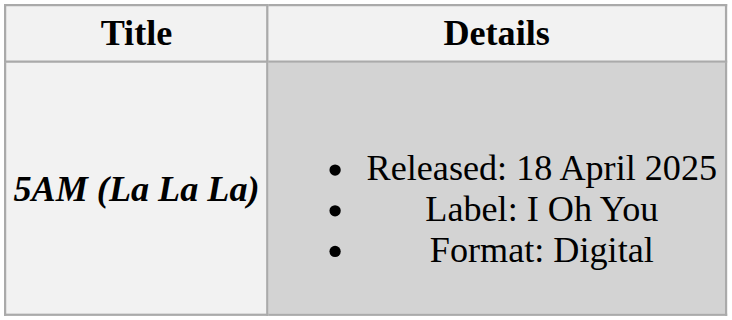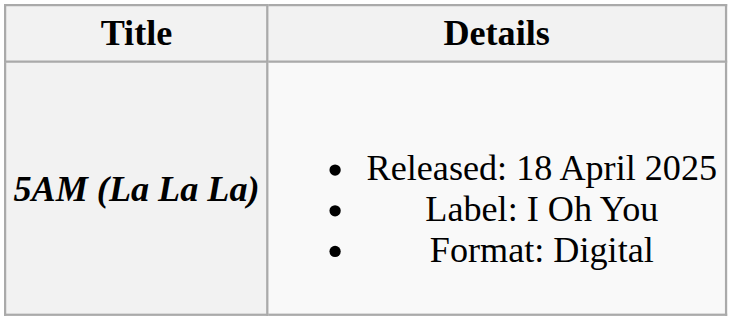 <table class="wikitable plainrowheaders" style="text-align:center;" border="1">
 <tr>
 <th scope="col">Title</th>
 <th scope="col">Details</th>
 </tr>
 <tr>
 <th scope="row"><em>5AM (La La La)</em></th>
-<td style="background: lightgrey;"><br><ul><li>Released: 18 April 2025</li><li>Label: I Oh You</li><li>Format: Digital</li></ul></td>
+<td><br><ul><li>Released: 18 April 2025</li><li>Label: I Oh You</li><li>Format: Digital</li></ul></td>
 </tr>
 </table>
